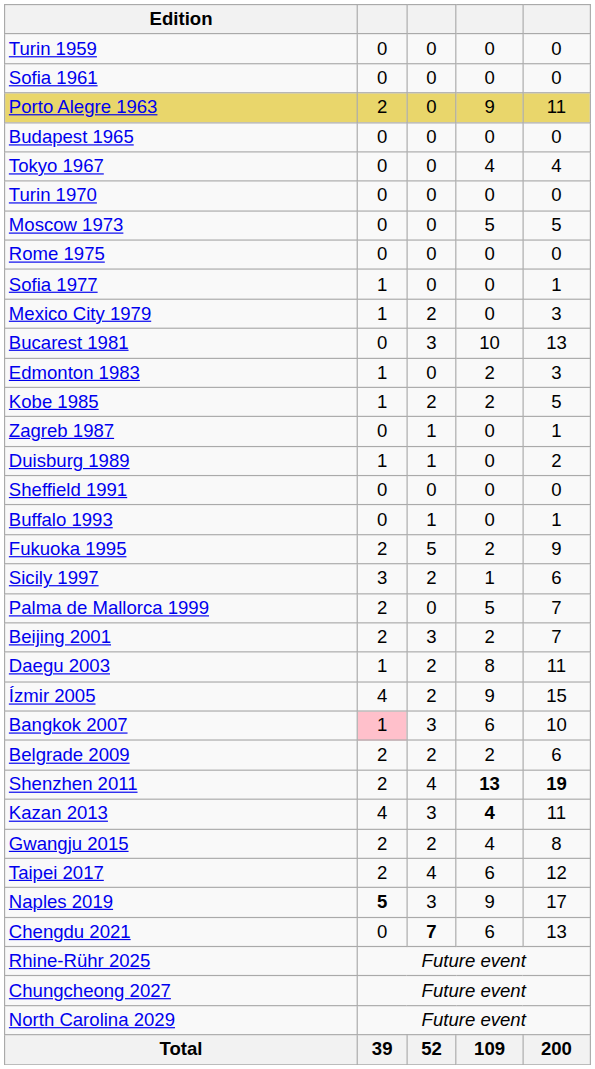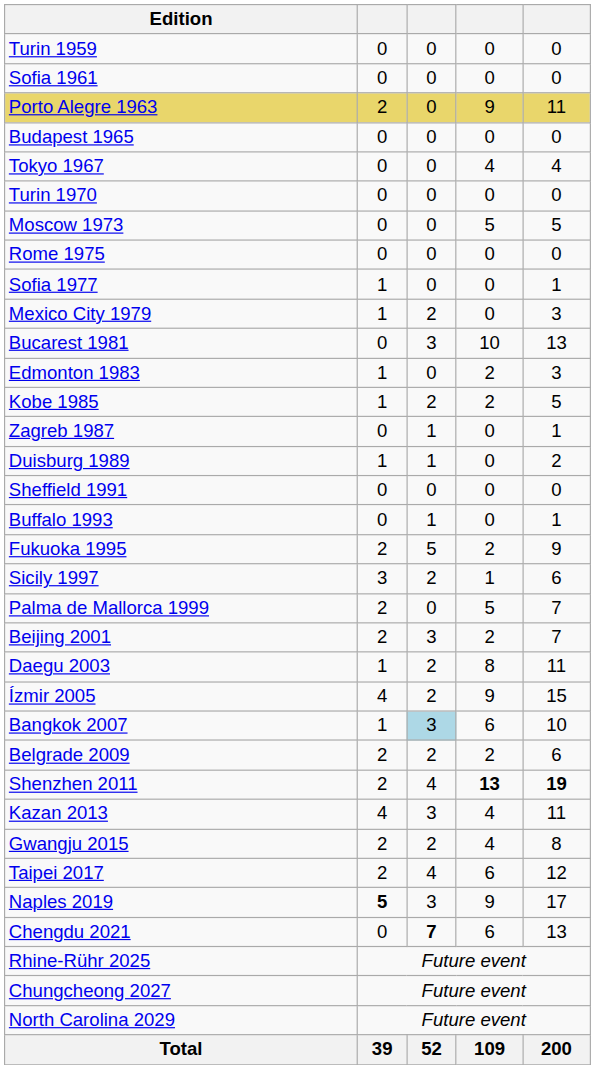 <table class="wikitable" width=40% style="font-size:100%; text-align:center;">
 <tr>
 <th>Edition</th>
 <th></th>
 <th></th>
 <th></th>
 <th></th>
 </tr>
 <tr>
 <td align=left> <a href='#'>Turin 1959</a></td>
 <td>0</td>
 <td>0</td>
 <td>0</td>
 <td>0</td>
 </tr>
 <tr>
 <td align=left> <a href='#'>Sofia 1961</a></td>
 <td>0</td>
 <td>0</td>
 <td>0</td>
 <td>0</td>
 </tr>
 <tr bgcolor=#E9D66B>
 <td align=left> <a href='#'>Porto Alegre 1963</a></td>
 <td>2</td>
 <td>0</td>
 <td>9</td>
 <td>11</td>
 </tr>
 <tr>
 <td align=left> <a href='#'>Budapest 1965</a></td>
 <td>0</td>
 <td>0</td>
 <td>0</td>
 <td>0</td>
 </tr>
 <tr>
 <td align=left> <a href='#'>Tokyo 1967</a></td>
 <td>0</td>
 <td>0</td>
 <td>4</td>
 <td>4</td>
 </tr>
 <tr>
 <td align=left> <a href='#'>Turin 1970</a></td>
 <td>0</td>
 <td>0</td>
 <td>0</td>
 <td>0</td>
 </tr>
 <tr>
 <td align=left> <a href='#'>Moscow 1973</a></td>
 <td>0</td>
 <td>0</td>
 <td>5</td>
 <td>5</td>
 </tr>
 <tr>
 <td align=left> <a href='#'>Rome 1975</a></td>
 <td>0</td>
 <td>0</td>
 <td>0</td>
 <td>0</td>
 </tr>
 <tr>
 <td align=left> <a href='#'>Sofia 1977</a></td>
 <td>1</td>
 <td>0</td>
 <td>0</td>
 <td>1</td>
 </tr>
 <tr>
 <td align=left> <a href='#'>Mexico City 1979</a></td>
 <td>1</td>
 <td>2</td>
 <td>0</td>
 <td>3</td>
 </tr>
 <tr>
 <td align=left> <a href='#'>Bucarest 1981</a></td>
 <td>0</td>
 <td>3</td>
 <td>10</td>
 <td>13</td>
 </tr>
 <tr>
 <td align=left> <a href='#'>Edmonton 1983</a></td>
 <td>1</td>
 <td>0</td>
 <td>2</td>
 <td>3</td>
 </tr>
 <tr>
 <td align=left> <a href='#'>Kobe 1985</a></td>
 <td>1</td>
 <td>2</td>
 <td>2</td>
 <td>5</td>
 </tr>
 <tr>
 <td align=left> <a href='#'>Zagreb 1987</a></td>
 <td>0</td>
 <td>1</td>
 <td>0</td>
 <td>1</td>
 </tr>
 <tr>
 <td align=left> <a href='#'>Duisburg 1989</a></td>
 <td>1</td>
 <td>1</td>
 <td>0</td>
 <td>2</td>
 </tr>
 <tr>
 <td align=left> <a href='#'>Sheffield 1991</a></td>
 <td>0</td>
 <td>0</td>
 <td>0</td>
 <td>0</td>
 </tr>
 <tr>
 <td align=left> <a href='#'>Buffalo 1993</a></td>
 <td>0</td>
 <td>1</td>
 <td>0</td>
 <td>1</td>
 </tr>
 <tr>
 <td align=left> <a href='#'>Fukuoka 1995</a></td>
 <td>2</td>
 <td>5</td>
 <td>2</td>
 <td>9</td>
 </tr>
 <tr>
 <td align=left> <a href='#'>Sicily 1997</a></td>
 <td>3</td>
 <td>2</td>
 <td>1</td>
 <td>6</td>
 </tr>
 <tr>
 <td align=left> <a href='#'>Palma de Mallorca 1999</a></td>
 <td>2</td>
 <td>0</td>
 <td>5</td>
 <td>7</td>
 </tr>
 <tr>
 <td align=left> <a href='#'>Beijing 2001</a></td>
 <td>2</td>
 <td>3</td>
 <td>2</td>
 <td>7</td>
 </tr>
 <tr>
 <td align=left> <a href='#'>Daegu 2003</a></td>
 <td>1</td>
 <td>2</td>
 <td>8</td>
 <td>11</td>
 </tr>
 <tr>
 <td align=left> <a href='#'>Ízmir 2005</a></td>
 <td>4</td>
 <td>2</td>
 <td>9</td>
 <td>15</td>
 </tr>
 <tr>
 <td align=left> <a href='#'>Bangkok 2007</a></td>
-<td style="background: pink;">1</td>
-<td>3</td>
+<td>1</td>
+<td style="background: lightblue;">3</td>
 <td>6</td>
 <td>10</td>
 </tr>
 <tr>
 <td align=left> <a href='#'>Belgrade 2009</a></td>
 <td>2</td>
 <td>2</td>
 <td>2</td>
 <td>6</td>
 </tr>
 <tr>
 <td align=left> <a href='#'>Shenzhen 2011</a></td>
 <td>2</td>
 <td>4</td>
 <td><strong>13</strong></td>
 <td><strong>19</strong></td>
 </tr>
 <tr>
 <td align=left> <a href='#'>Kazan 2013</a></td>
 <td>4</td>
 <td>3</td>
-<td><strong>4</strong></td>
+<td>4</td>
 <td>11</td>
 </tr>
 <tr>
 <td align=left> <a href='#'>Gwangju 2015</a></td>
 <td>2</td>
 <td>2</td>
 <td>4</td>
 <td>8</td>
 </tr>
 <tr>
 <td align=left> <a href='#'>Taipei 2017</a></td>
 <td>2</td>
 <td>4</td>
 <td>6</td>
 <td>12</td>
 </tr>
 <tr>
 <td align=left> <a href='#'>Naples 2019</a></td>
 <td><strong>5</strong></td>
 <td>3</td>
 <td>9</td>
 <td>17</td>
 </tr>
 <tr>
 <td align=left> <a href='#'>Chengdu 2021</a></td>
 <td>0</td>
 <td><strong>7</strong></td>
 <td>6</td>
 <td>13</td>
 </tr>
 <tr>
 <td align=left> <a href='#'>Rhine-Rühr 2025</a></td>
 <td colspan=4 align=center><em>Future event</em></td>
 </tr>
 <tr>
 <td align=left> <a href='#'>Chungcheong 2027</a></td>
 <td colspan=4 align=center><em>Future event</em></td>
 </tr>
 <tr>
 <td align=left> <a href='#'>North Carolina 2029</a></td>
 <td colspan=4 align=center><em>Future event</em></td>
 </tr>
 <tr>
 <th align-right>Total</th>
 <th>39</th>
 <th>52</th>
 <th>109</th>
 <th>200</th>
 </tr>
 </table>
